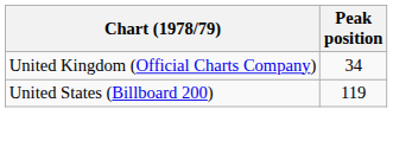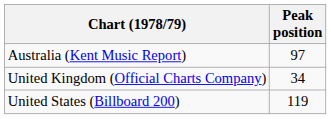 <table class="wikitable">
 <tr>
 <th scope="col">Chart (1978/79)</th>
 <th>Peak<br>position</th>
+</tr>
+<tr>
+<td>Australia (<a href='#'>Kent Music Report</a>)</td>
+<td style="text-align:center;">97</td>
 </tr>
 <tr>
 <td>United Kingdom (<a href='#'>Official Charts Company</a>)</td>
 <td style="text-align:center;">34</td>
 </tr>
 <tr>
 <td>United States (<a href='#'>Billboard 200</a>)</td>
 <td style="text-align:center;">119</td>
 </tr>
 </table>
